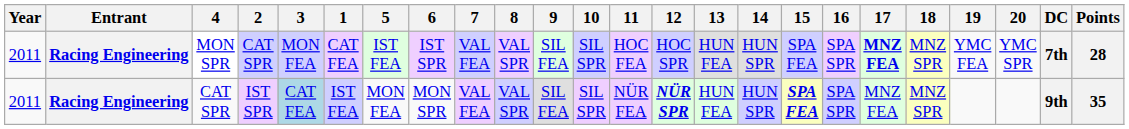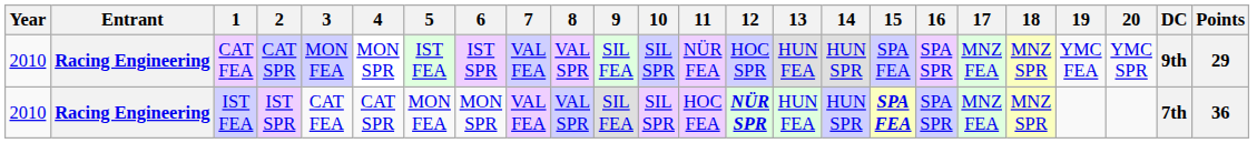 <table class="wikitable" style="text-align:center; font-size:85%">
 <tr>
 <th>Year</th>
 <th>Entrant</th>
-<th>4</th>
+<th>1</th>
 <th>2</th>
 <th>3</th>
-<th>1</th>
+<th>4</th>
 <th>5</th>
 <th>6</th>
 <th>7</th>
 <th>8</th>
 <th>9</th>
 <th>10</th>
 <th>11</th>
 <th>12</th>
 <th>13</th>
 <th>14</th>
 <th>15</th>
 <th>16</th>
 <th>17</th>
 <th>18</th>
 <th>19</th>
 <th>20</th>
 <th>DC</th>
 <th>Points</th>
 </tr>
 <tr>
-<td><a href='#'>2011</a></td>
+<td><a href='#'>2010</a></td>
 <th nowrap><a href='#'>Racing Engineering</a></th>
-<td style="background:#FFFFFF;"><a href='#'>MON<br>SPR</a><br></td>
+<td style="background:#EFCFFF;"><a href='#'>CAT<br>FEA</a><br></td>
 <td style="background:#CFCFFF;"><a href='#'>CAT<br>SPR</a><br></td>
 <td style="background:#CFCFFF;"><a href='#'>MON<br>FEA</a><br></td>
-<td style="background:#EFCFFF;"><a href='#'>CAT<br>FEA</a><br></td>
+<td style="background:#FFFFFF;"><a href='#'>MON<br>SPR</a><br></td>
 <td style="background:#DFFFDF;"><a href='#'>IST<br>FEA</a><br></td>
 <td style="background:#EFCFFF;"><a href='#'>IST<br>SPR</a><br></td>
 <td style="background:#CFCFFF;"><a href='#'>VAL<br>FEA</a><br></td>
 <td style="background:#EFCFFF;"><a href='#'>VAL<br>SPR</a><br></td>
 <td style="background:#DFFFDF;"><a href='#'>SIL<br>FEA</a><br></td>
 <td style="background:#CFCFFF;"><a href='#'>SIL<br>SPR</a><br></td>
-<td style="background:#EFCFFF;"><a href='#'>HOC<br>FEA</a><br></td>
+<td style="background:#EFCFFF;"><a href='#'>NÜR<br>FEA</a><br></td>
 <td style="background:#CFCFFF;"><a href='#'>HOC<br>SPR</a><br></td>
 <td style="background:#DFDFDF;"><a href='#'>HUN<br>FEA</a><br></td>
 <td style="background:#DFDFDF;"><a href='#'>HUN<br>SPR</a><br></td>
 <td style="background:#CFCFFF;"><a href='#'>SPA<br>FEA</a><br></td>
 <td style="background:#EFCFFF;"><a href='#'>SPA<br>SPR</a><br></td>
-<td style="background:#DFFFDF;"><strong><a href='#'>MNZ<br>FEA</a><br></strong></td>
+<td style="background:#DFFFDF;"><a href='#'>MNZ<br>FEA</a><br></td>
 <td style="background:#FBFFBF;"><a href='#'>MNZ<br>SPR</a><br></td>
 <td><a href='#'>YMC<br>FEA</a></td>
 <td><a href='#'>YMC<br>SPR</a></td>
-<th>7th</th>
-<th>28</th>
+<th>9th</th>
+<th>29</th>
 </tr>
 <tr>
-<td><a href='#'>2011</a></td>
+<td><a href='#'>2010</a></td>
 <th nowrap><a href='#'>Racing Engineering</a></th>
+<td style="background:#CFCFFF;"><a href='#'>IST<br>FEA</a><br></td>
+<td style="background:#EFCFFF;"><a href='#'>IST<br>SPR</a><br></td>
+<td><a href='#'>CAT<br>FEA</a></td>
 <td><a href='#'>CAT<br>SPR</a></td>
-<td style="background:#EFCFFF;"><a href='#'>IST<br>SPR</a><br></td>
-<td style="background: lightblue;"><a href='#'>CAT<br>FEA</a></td>
-<td style="background:#CFCFFF;"><a href='#'>IST<br>FEA</a><br></td>
 <td><a href='#'>MON<br>FEA</a></td>
 <td><a href='#'>MON<br>SPR</a></td>
 <td style="background:#EFCFFF;"><a href='#'>VAL<br>FEA</a><br></td>
 <td style="background:#CFCFFF;"><a href='#'>VAL<br>SPR</a><br></td>
 <td style="background:#DFDFDF;"><a href='#'>SIL<br>FEA</a><br></td>
 <td style="background:#EFCFFF;"><a href='#'>SIL<br>SPR</a><br></td>
-<td style="background:#EFCFFF;"><a href='#'>NÜR<br>FEA</a><br></td>
+<td style="background:#EFCFFF;"><a href='#'>HOC<br>FEA</a><br></td>
 <td style="background:#DFFFDF;"><strong><em><a href='#'>NÜR<br>SPR</a></em><br></strong></td>
 <td style="background:#DFFFDF;"><a href='#'>HUN<br>FEA</a><br></td>
 <td style="background:#CFCFFF;"><a href='#'>HUN<br>SPR</a><br></td>
 <td style="background:#FBFFBF;"><strong><em><a href='#'>SPA<br>FEA</a></em></strong><br></td>
 <td style="background:#CFCFFF;"><a href='#'>SPA<br>SPR</a><br></td>
 <td style="background:#DFFFDF;"><a href='#'>MNZ<br>FEA</a><br></td>
 <td style="background:#FBFFBF;"><a href='#'>MNZ<br>SPR</a><br></td>
 <td></td>
 <td></td>
-<th>9th</th>
-<th>35</th>
+<th>7th</th>
+<th>36</th>
 </tr>
 </table>
